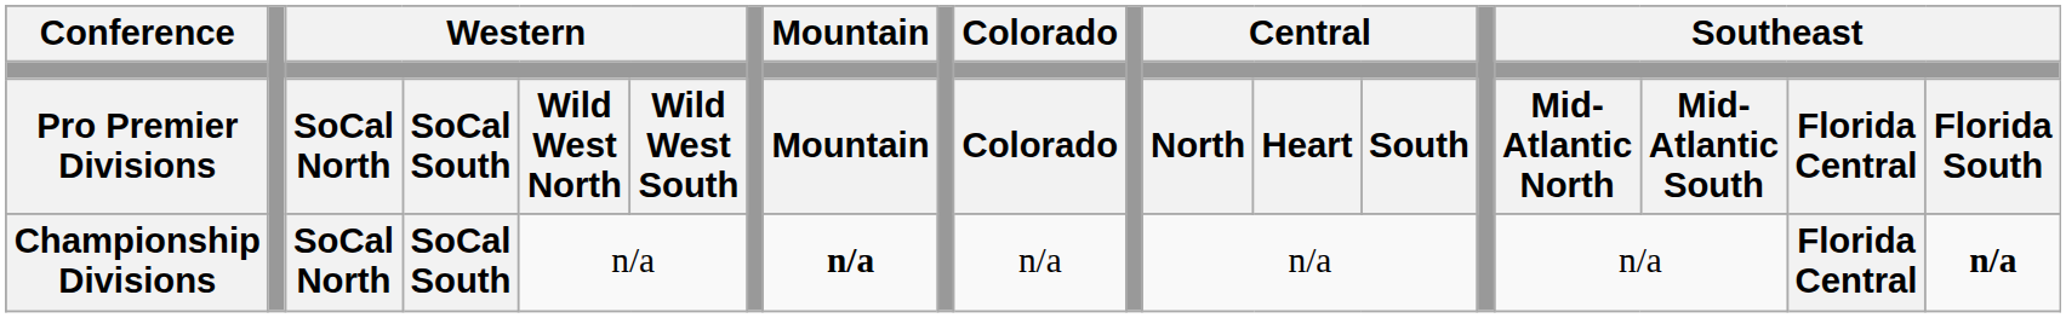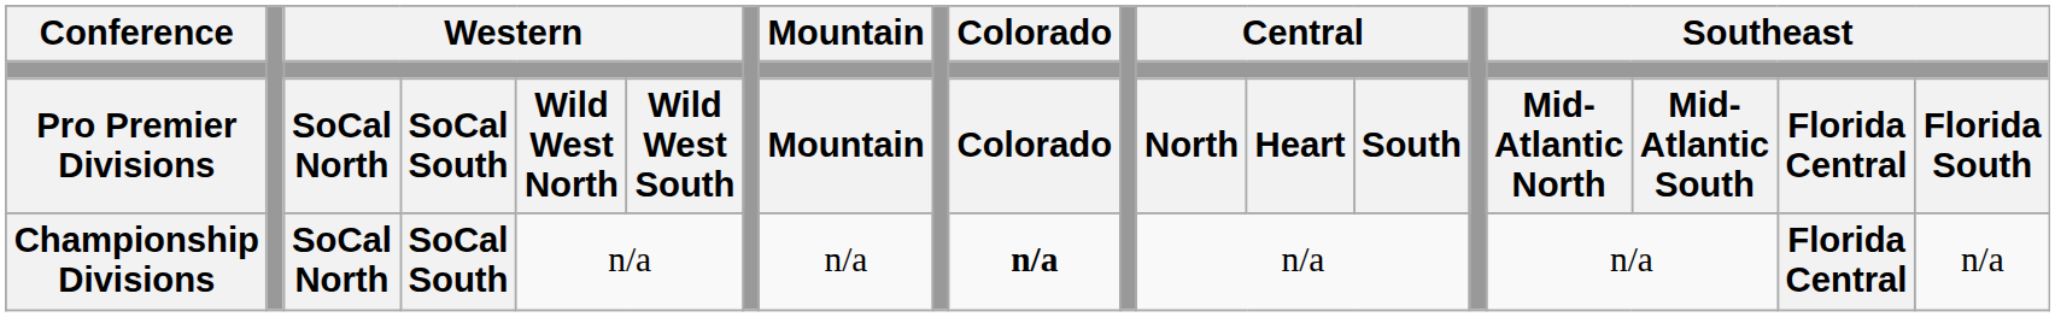 <table class="wikitable">
 <tr>
 <th>Conference</th>
 <th rowspan=4 style="background-color: #999"></th>
 <th colspan=4>Western</th>
 <th rowspan=4 style="background-color: #999"></th>
 <th>Mountain</th>
 <th rowspan=4 style="background-color: #999"></th>
 <th>Colorado</th>
 <th rowspan=4 style="background-color: #999"></th>
 <th colspan=3>Central</th>
 <th rowspan=4 style="background-color: #999"></th>
 <th colspan=4>Southeast</th>
 </tr>
 <tr>
 <th colspan=26 style="background-color: #999"></th>
 </tr>
 <tr>
 <th>Pro Premier Divisions</th>
 <th>SoCal North</th>
 <th>SoCal South</th>
 <th>Wild West North</th>
 <th>Wild West South</th>
 <th>Mountain</th>
 <th>Colorado</th>
 <th>North</th>
 <th>Heart</th>
 <th>South</th>
 <th>Mid-Atlantic North</th>
 <th>Mid-Atlantic South</th>
 <th>Florida Central</th>
 <th>Florida South</th>
 </tr>
 <tr>
 <th>Championship Divisions</th>
 <th>SoCal North</th>
 <th>SoCal South</th>
 <td colspan=2 style="text-align:center; font-family:italic; ">n/a</td>
+<td style="text-align:center; font-family:italic; ">n/a</td>
 <td style="text-align:center; font-family:italic; "><strong>n/a</strong></td>
-<td style="text-align:center; font-family:italic; ">n/a</td>
 <td colspan=3 style="text-align:center; font-family:italic; ">n/a</td>
 <td colspan=2 style="text-align:center; font-family:italic; ">n/a</td>
 <th>Florida Central</th>
-<td style="text-align:center; font-family:italic; "><strong>n/a</strong></td>
+<td style="text-align:center; font-family:italic; ">n/a</td>
 </tr>
 </table>
